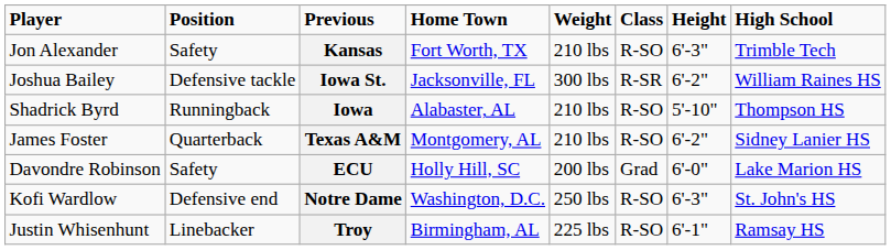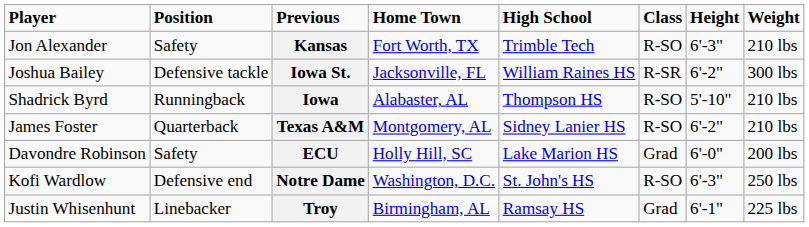 <table class="wikitable">
 <tr>
 <td><strong>Player</strong></td>
 <td><strong>Position</strong></td>
 <td><strong>Previous</strong></td>
 <td><strong>Home Town</strong></td>
-<td><strong>Weight</strong></td>
+<td><strong>High School</strong></td>
 <td><strong>Class</strong></td>
 <td><strong>Height</strong></td>
-<td><strong>High School</strong></td>
+<td><strong>Weight</strong></td>
 </tr>
 <tr>
 <td>Jon Alexander</td>
 <td>Safety</td>
 <th>Kansas</th>
 <td><a href='#'>Fort Worth, TX</a></td>
-<td>210 lbs</td>
+<td><a href='#'>Trimble Tech</a></td>
 <td>R-SO</td>
 <td>6'-3"</td>
-<td><a href='#'>Trimble Tech</a></td>
+<td>210 lbs</td>
 </tr>
 <tr>
 <td>Joshua Bailey</td>
 <td>Defensive tackle</td>
 <th>Iowa St.</th>
 <td><a href='#'>Jacksonville, FL</a></td>
-<td>300 lbs</td>
+<td><a href='#'>William Raines HS</a></td>
 <td>R-SR</td>
 <td>6'-2"</td>
-<td><a href='#'>William Raines HS</a></td>
+<td>300 lbs</td>
 </tr>
 <tr>
 <td>Shadrick Byrd</td>
 <td>Runningback</td>
 <th>Iowa</th>
 <td><a href='#'>Alabaster, AL</a></td>
-<td>210 lbs</td>
+<td><a href='#'>Thompson HS</a></td>
 <td>R-SO</td>
 <td>5'-10"</td>
-<td><a href='#'>Thompson HS</a></td>
+<td>210 lbs</td>
 </tr>
 <tr>
 <td>James Foster</td>
 <td>Quarterback</td>
 <th>Texas A&M</th>
 <td><a href='#'>Montgomery, AL</a></td>
-<td>210 lbs</td>
+<td><a href='#'>Sidney Lanier HS</a></td>
 <td>R-SO</td>
 <td>6'-2"</td>
-<td><a href='#'>Sidney Lanier HS</a></td>
+<td>210 lbs</td>
 </tr>
 <tr>
 <td>Davondre Robinson</td>
 <td>Safety</td>
 <th>ECU</th>
 <td><a href='#'>Holly Hill, SC</a></td>
-<td>200 lbs</td>
+<td><a href='#'>Lake Marion HS</a></td>
 <td>Grad</td>
 <td>6'-0"</td>
-<td><a href='#'>Lake Marion HS</a></td>
+<td>200 lbs</td>
 </tr>
 <tr>
 <td>Kofi Wardlow</td>
 <td>Defensive end</td>
 <th>Notre Dame</th>
 <td><a href='#'>Washington, D.C.</a></td>
-<td>250 lbs</td>
+<td><a href='#'>St. John's HS</a></td>
 <td>R-SO</td>
 <td>6'-3"</td>
-<td><a href='#'>St. John's HS</a></td>
+<td>250 lbs</td>
 </tr>
 <tr>
 <td>Justin Whisenhunt</td>
 <td>Linebacker</td>
 <th>Troy</th>
 <td><a href='#'>Birmingham, AL</a></td>
+<td><a href='#'>Ramsay HS</a></td>
+<td>Grad</td>
+<td>6'-1"</td>
 <td>225 lbs</td>
-<td>R-SO</td>
-<td>6'-1"</td>
-<td><a href='#'>Ramsay HS</a></td>
 </tr>
 </table>
